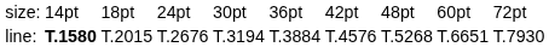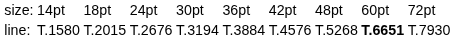 <table style="margin-left:40px;">
 <tr>
 <td>size:</td>
 <td>14pt</td>
 <td>18pt</td>
 <td>24pt</td>
 <td>30pt</td>
 <td>36pt</td>
 <td>42pt</td>
 <td>48pt</td>
 <td>60pt</td>
 <td>72pt</td>
 </tr>
 <tr>
 <td>line:</td>
-<td><strong>T.1580</strong></td>
+<td>T.1580</td>
 <td>T.2015</td>
 <td>T.2676</td>
 <td>T.3194</td>
 <td>T.3884</td>
 <td>T.4576</td>
 <td>T.5268</td>
-<td>T.6651</td>
+<td><strong>T.6651</strong></td>
 <td>T.7930</td>
 </tr>
 </table>
